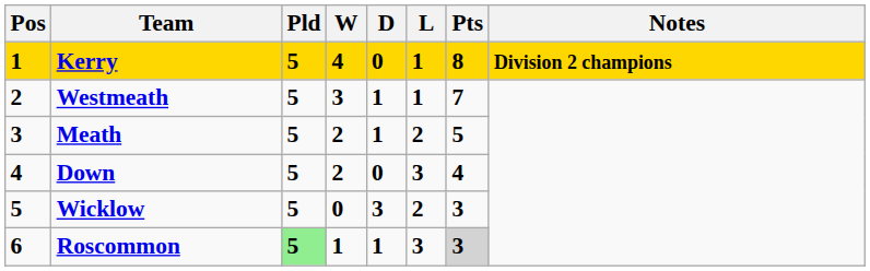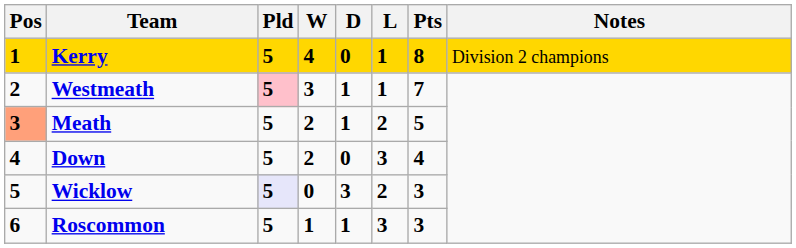 <table class="wikitable" style="text-align: centre;">
 <tr>
 <th width=20>Pos</th>
 <th width=150>Team</th>
 <th width=20>Pld</th>
 <th width=20>W</th>
 <th width=20>D</th>
 <th width=20>L</th>
 <th width=20>Pts</th>
 <th width=250>Notes</th>
 </tr>
 <tr style="background:gold;">
 <td><strong>1</strong></td>
 <td align=left><strong> <a href='#'>Kerry</a> </strong></td>
 <td><strong>5</strong></td>
 <td><strong>4</strong></td>
 <td><strong>0</strong></td>
 <td><strong>1</strong></td>
 <td><strong>8</strong></td>
-<td><strong><small> Division 2 champions</small></strong></td>
+<td><small> Division 2 champions</small></td>
 </tr>
 <tr>
 <td><strong>2</strong></td>
 <td align=left><strong> <a href='#'>Westmeath</a> </strong></td>
-<td><strong>5</strong></td>
+<td style="background: pink;"><strong>5</strong></td>
 <td><strong>3</strong></td>
 <td><strong>1</strong></td>
 <td><strong>1</strong></td>
 <td><strong>7</strong></td>
 </tr>
 <tr style>
-<td><strong>3</strong></td>
+<td style="background: lightsalmon;"><strong>3</strong></td>
 <td align=left><strong> <a href='#'>Meath</a> </strong></td>
 <td><strong>5</strong></td>
 <td><strong>2</strong></td>
 <td><strong>1</strong></td>
 <td><strong>2</strong></td>
 <td><strong>5</strong></td>
 </tr>
 <tr style>
 <td><strong>4</strong></td>
 <td align=left><strong> <a href='#'>Down</a> </strong></td>
 <td><strong>5</strong></td>
 <td><strong>2</strong></td>
 <td><strong>0</strong></td>
 <td><strong>3</strong></td>
 <td><strong>4</strong></td>
 </tr>
 <tr style>
 <td><strong>5</strong></td>
 <td align=left><strong> <a href='#'>Wicklow</a> </strong></td>
-<td><strong>5</strong></td>
+<td style="background: lavender;"><strong>5</strong></td>
 <td><strong>0</strong></td>
 <td><strong>3</strong></td>
 <td><strong>2</strong></td>
 <td><strong>3</strong></td>
 </tr>
 <tr style>
 <td><strong>6</strong></td>
 <td align=left><strong> <a href='#'>Roscommon</a> </strong></td>
-<td style="background: lightgreen;"><strong>5</strong></td>
+<td><strong>5</strong></td>
 <td><strong>1</strong></td>
 <td><strong>1</strong></td>
 <td><strong>3</strong></td>
-<td style="background: lightgrey;"><strong>3</strong></td>
+<td><strong>3</strong></td>
 </tr>
 </table>
